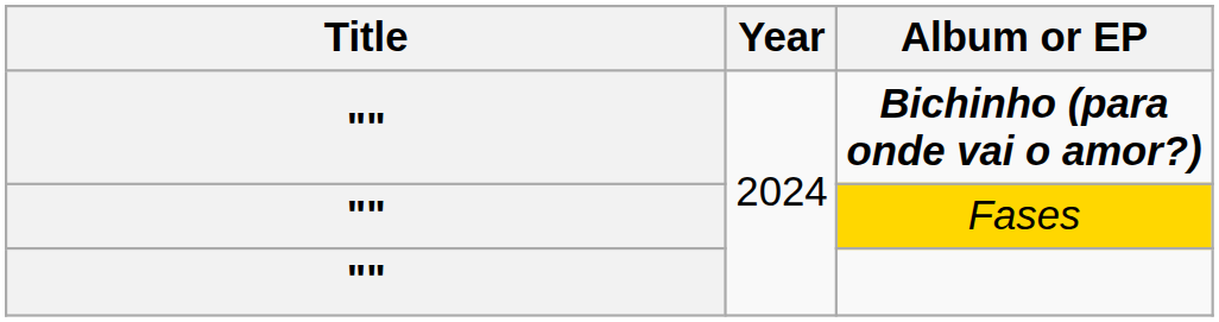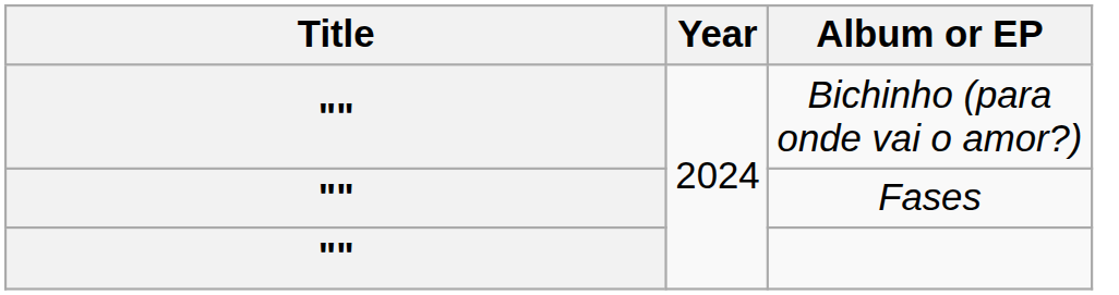 <table class="wikitable plainrowheaders" style="text-align:center;">
 <tr>
 <th scope="col" style="width:17em;">Title</th>
 <th scope="col">Year</th>
 <th scope="col">Album or EP</th>
 </tr>
 <tr>
 <th scope="row">""<br></th>
 <td rowspan="3">2024</td>
-<td><strong><em>Bichinho (para<br>onde vai o amor?)</em></strong></td>
+<td><em>Bichinho (para<br>onde vai o amor?)</em></td>
 </tr>
 <tr>
 <th scope="row">""<br></th>
-<td style="background: gold;"><em>Fases</em></td>
+<td><em>Fases</em></td>
 </tr>
 <tr>
 <th scope="row">""<br></th>
 <td></td>
 </tr>
 </table>
